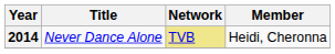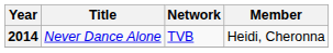 <table class="wikitable plainrowheaders">
 <tr>
 <th scope="col">Year</th>
 <th scope="col">Title</th>
 <th scope="col">Network</th>
 <th scope="col">Member</th>
 </tr>
 <tr>
 <th scope="row">2014</th>
 <td><em><a href='#'>Never Dance Alone</a></em></td>
-<td style="background: khaki;"><a href='#'>TVB</a></td>
+<td><a href='#'>TVB</a></td>
 <td>Heidi, Cheronna</td>
 </tr>
 <tr>
 </tr>
 </table>
